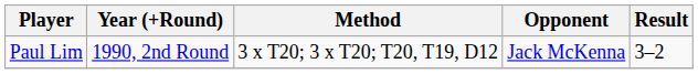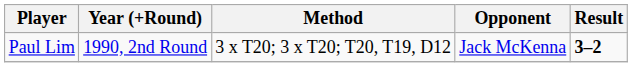 <table class="wikitable sortable">
 <tr>
 <th>Player</th>
 <th>Year (+Round)</th>
 <th>Method</th>
 <th>Opponent</th>
 <th>Result</th>
 </tr>
 <tr>
 <td> <a href='#'>Paul Lim</a></td>
 <td><a href='#'>1990, 2nd Round</a></td>
 <td>3 x T20; 3 x T20; T20, T19, D12</td>
 <td> <a href='#'>Jack McKenna</a></td>
-<td>3–2</td>
+<td><strong>3–2</strong></td>
 </tr>
 <tr>
 </tr>
 </table>
